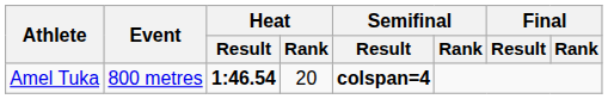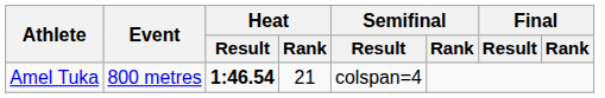 <table class=wikitable style=font-size:90%>
 <tr>
 <th rowspan=2>Athlete</th>
 <th rowspan=2>Event</th>
 <th colspan=2>Heat</th>
 <th colspan=2>Semifinal</th>
 <th colspan=2>Final</th>
 </tr>
 <tr style=font-size:95%>
 <th>Result</th>
 <th>Rank</th>
 <th>Result</th>
 <th>Rank</th>
 <th>Result</th>
 <th>Rank</th>
 </tr>
 <tr align=center>
 <td align=left><a href='#'>Amel Tuka</a></td>
 <td align=left><a href='#'>800 metres</a></td>
 <td><strong>1:46.54</strong></td>
-<td>20</td>
-<td><strong>colspan=4 </strong></td>
+<td>21</td>
+<td>colspan=4 </td>
 </tr>
 </table>
